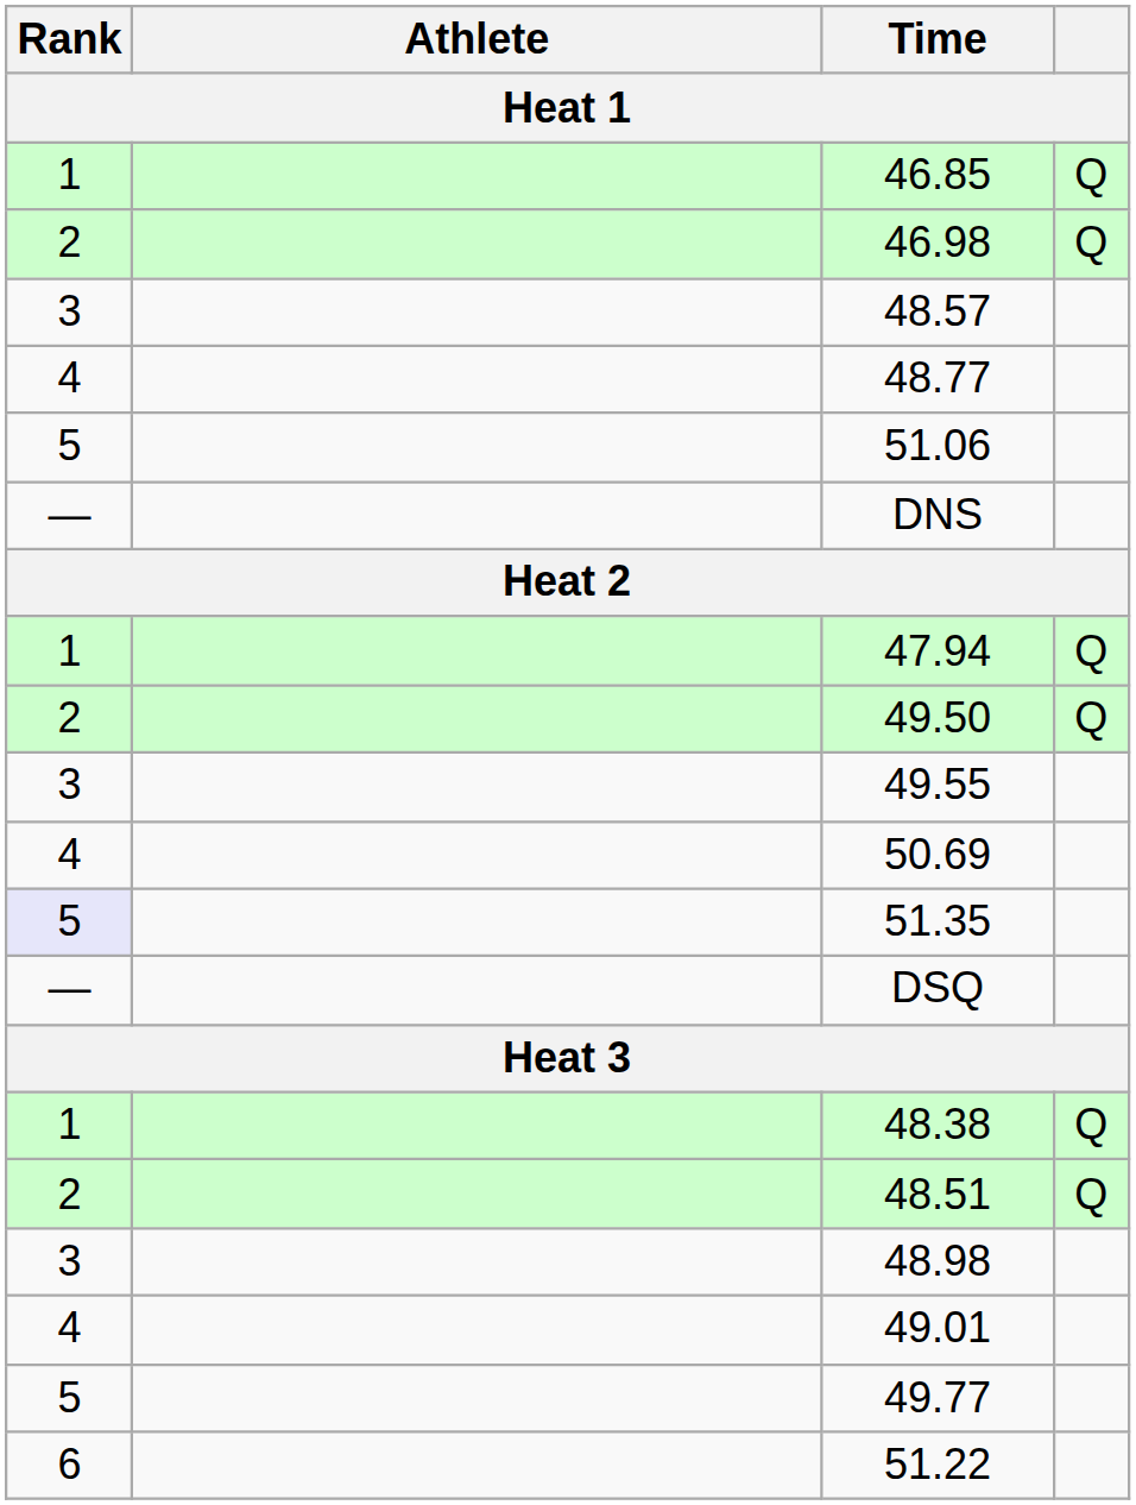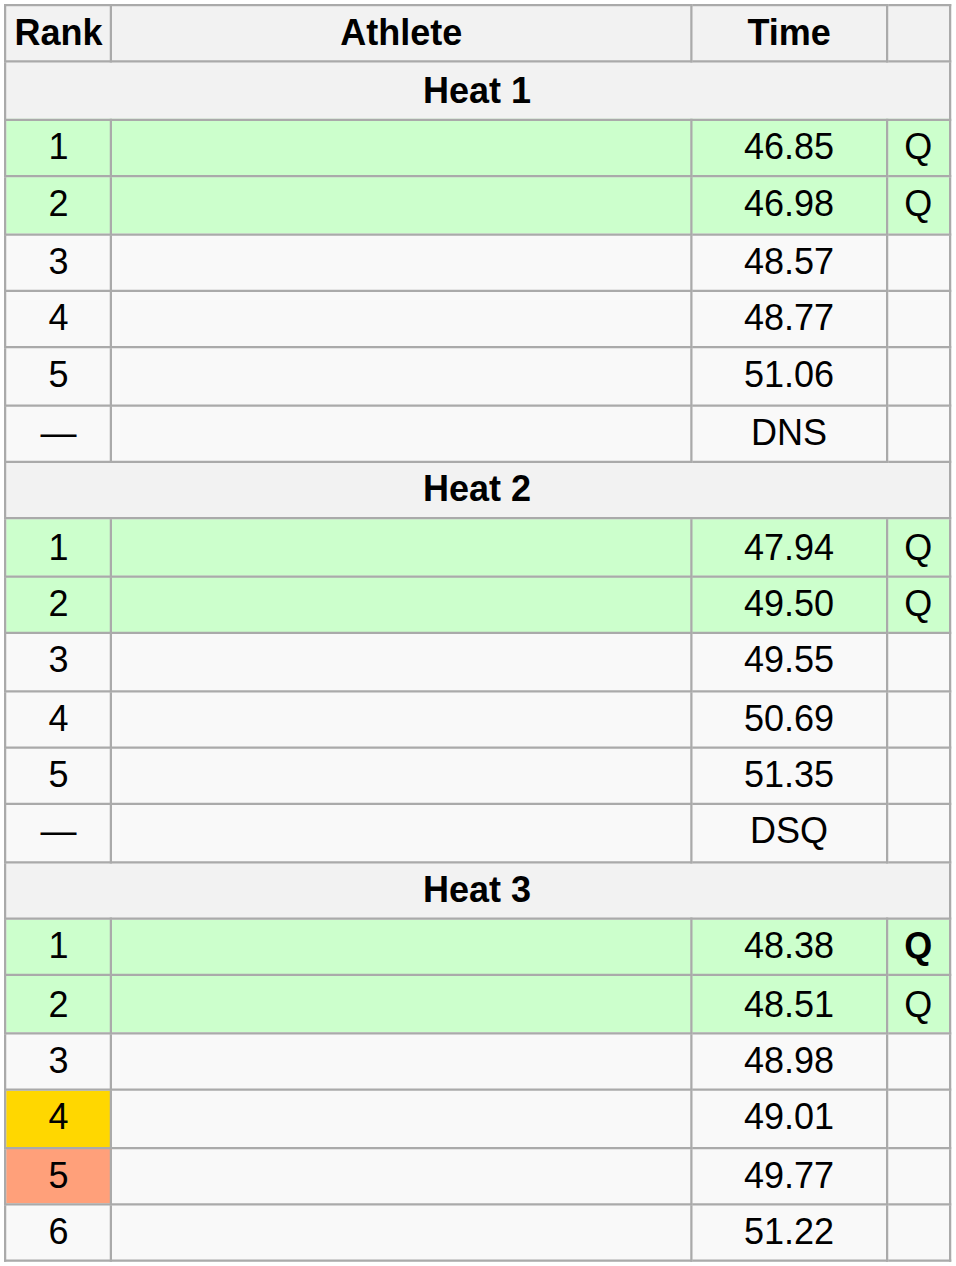 <table class=wikitable style="text-align:center">
 <tr>
 <th width=40>Rank</th>
 <th width=250>Athlete</th>
 <th width=80>Time</th>
 <th width=20></th>
 </tr>
 <tr>
 <th colspan=4>Heat 1</th>
 </tr>
 <tr bgcolor="ccffcc">
 <td>1</td>
 <td align=left></td>
 <td>46.85</td>
 <td>Q</td>
 </tr>
 <tr bgcolor="ccffcc">
 <td>2</td>
 <td align=left></td>
 <td>46.98</td>
 <td>Q</td>
 </tr>
 <tr>
 <td>3</td>
 <td align=left></td>
 <td>48.57</td>
 <td></td>
 </tr>
 <tr>
 <td>4</td>
 <td align=left></td>
 <td>48.77</td>
 <td></td>
 </tr>
 <tr>
 <td>5</td>
 <td align=left></td>
 <td>51.06</td>
 <td></td>
 </tr>
 <tr>
 <td>—</td>
 <td align=left></td>
 <td>DNS</td>
 <td></td>
 </tr>
 <tr>
 <th colspan=4>Heat 2</th>
 </tr>
 <tr bgcolor="ccffcc">
 <td>1</td>
 <td align=left></td>
 <td>47.94</td>
 <td>Q</td>
 </tr>
 <tr bgcolor="ccffcc">
 <td>2</td>
 <td align=left></td>
 <td>49.50</td>
 <td>Q</td>
 </tr>
 <tr>
 <td>3</td>
 <td align=left></td>
 <td>49.55</td>
 <td></td>
 </tr>
 <tr>
 <td>4</td>
 <td align=left></td>
 <td>50.69</td>
 <td></td>
 </tr>
 <tr>
-<td style="background: lavender;">5</td>
+<td>5</td>
 <td align=left></td>
 <td>51.35</td>
 <td></td>
 </tr>
 <tr>
 <td>—</td>
 <td align=left></td>
 <td>DSQ</td>
 <td></td>
 </tr>
 <tr>
 <th colspan=4>Heat 3</th>
 </tr>
 <tr bgcolor="ccffcc">
 <td>1</td>
 <td align=left></td>
 <td>48.38</td>
-<td>Q</td>
+<td><strong>Q</strong></td>
 </tr>
 <tr bgcolor="ccffcc">
 <td>2</td>
 <td align=left></td>
 <td>48.51</td>
 <td>Q</td>
 </tr>
 <tr>
 <td>3</td>
 <td align=left></td>
 <td>48.98</td>
 <td></td>
 </tr>
 <tr>
-<td>4</td>
+<td style="background: gold;">4</td>
 <td align=left></td>
 <td>49.01</td>
 <td></td>
 </tr>
 <tr>
-<td>5</td>
+<td style="background: lightsalmon;">5</td>
 <td align=left></td>
 <td>49.77</td>
 <td></td>
 </tr>
 <tr>
 <td>6</td>
 <td align=left></td>
 <td>51.22</td>
 <td></td>
 </tr>
 </table>
